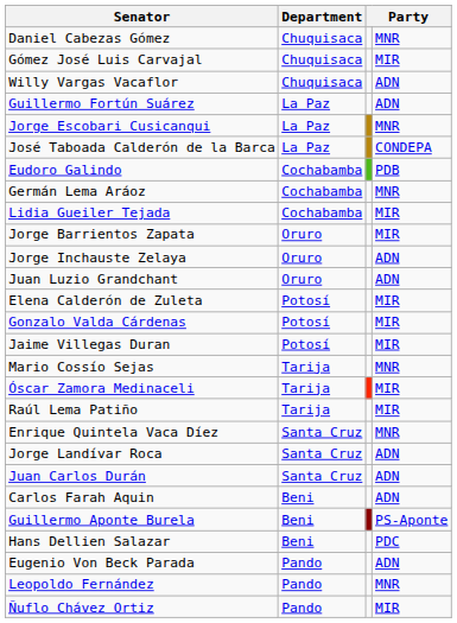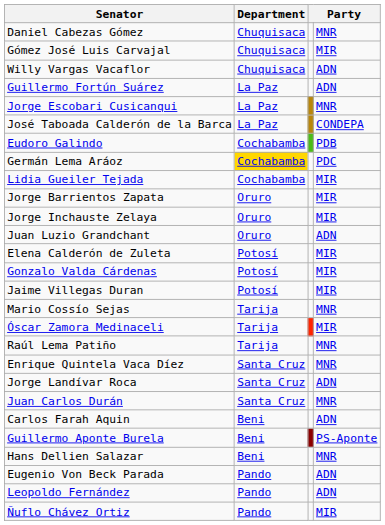 <table class="wikitable sortable">
 <tr>
 <th>Senator</th>
 <th>Department</th>
 <th colspan="2">Party</th>
 </tr>
 <tr>
 <td>Daniel Cabezas Gómez</td>
 <td><a href='#'>Chuquisaca</a></td>
 <td style="background:"></td>
 <td><a href='#'>MNR</a></td>
 </tr>
 <tr>
 <td>Gómez José Luis Carvajal</td>
 <td><a href='#'>Chuquisaca</a></td>
 <td style="background:"></td>
 <td><a href='#'>MIR</a></td>
 </tr>
 <tr>
 <td>Willy Vargas Vacaflor</td>
 <td><a href='#'>Chuquisaca</a></td>
 <td style="background:"></td>
 <td><a href='#'>ADN</a></td>
 </tr>
 <tr>
 <td><a href='#'>Guillermo Fortún Suárez</a></td>
 <td><a href='#'>La Paz</a></td>
 <td style="background:"></td>
 <td><a href='#'>ADN</a></td>
 </tr>
 <tr>
 <td><a href='#'>Jorge Escobari Cusicanqui</a></td>
 <td><a href='#'>La Paz</a></td>
 <td style="background:#B8860B"></td>
 <td><a href='#'>MNR</a></td>
 </tr>
 <tr>
 <td>José Taboada Calderón de la Barca</td>
 <td><a href='#'>La Paz</a></td>
 <td style="background:#B8860B"></td>
 <td><a href='#'>CONDEPA</a></td>
 </tr>
 <tr>
 <td><a href='#'>Eudoro Galindo</a></td>
 <td><a href='#'>Cochabamba</a></td>
 <td style="background:#4CBB17"></td>
 <td><a href='#'>PDB</a></td>
 </tr>
 <tr>
 <td>Germán Lema Aráoz</td>
-<td><a href='#'>Cochabamba</a></td>
+<td style="background: gold;"><a href='#'>Cochabamba</a></td>
 <td style="background:"></td>
-<td><a href='#'>MNR</a></td>
+<td><a href='#'>PDC</a></td>
 </tr>
 <tr>
 <td><a href='#'>Lidia Gueiler Tejada</a></td>
 <td><a href='#'>Cochabamba</a></td>
 <td style="background:"></td>
 <td><a href='#'>MIR</a></td>
 </tr>
 <tr>
 <td>Jorge Barrientos Zapata</td>
 <td><a href='#'>Oruro</a></td>
 <td style="background:"></td>
 <td><a href='#'>MIR</a></td>
 </tr>
 <tr>
 <td>Jorge Inchauste Zelaya</td>
 <td><a href='#'>Oruro</a></td>
 <td style="background:"></td>
-<td><a href='#'>ADN</a></td>
+<td><a href='#'>MIR</a></td>
 </tr>
 <tr>
 <td>Juan Luzio Grandchant</td>
 <td><a href='#'>Oruro</a></td>
 <td style="background:"></td>
 <td><a href='#'>ADN</a></td>
 </tr>
 <tr>
 <td>Elena Calderón de Zuleta</td>
 <td><a href='#'>Potosí</a></td>
 <td style="background:"></td>
 <td><a href='#'>MIR</a></td>
 </tr>
 <tr>
 <td><a href='#'>Gonzalo Valda Cárdenas</a></td>
 <td><a href='#'>Potosí</a></td>
 <td style="background:"></td>
 <td><a href='#'>MIR</a></td>
 </tr>
 <tr>
 <td>Jaime Villegas Duran</td>
 <td><a href='#'>Potosí</a></td>
 <td style="background:"></td>
 <td><a href='#'>MIR</a></td>
 </tr>
 <tr>
 <td>Mario Cossío Sejas</td>
 <td><a href='#'>Tarija</a></td>
 <td style="background:"></td>
 <td><a href='#'>MNR</a></td>
 </tr>
 <tr>
 <td><a href='#'>Óscar Zamora Medinaceli</a></td>
 <td><a href='#'>Tarija</a></td>
 <td style="background:#FF2400"></td>
 <td><a href='#'>MIR</a></td>
 </tr>
 <tr>
 <td>Raúl Lema Patiño</td>
 <td><a href='#'>Tarija</a></td>
 <td style="background:"></td>
-<td><a href='#'>MIR</a></td>
+<td><a href='#'>MNR</a></td>
 </tr>
 <tr>
 <td>Enrique Quintela Vaca Díez</td>
 <td><a href='#'>Santa Cruz</a></td>
 <td style="background:"></td>
 <td><a href='#'>MNR</a></td>
 </tr>
 <tr>
 <td>Jorge Landívar Roca</td>
 <td><a href='#'>Santa Cruz</a></td>
 <td style="background:"></td>
 <td><a href='#'>ADN</a></td>
 </tr>
 <tr>
 <td><a href='#'>Juan Carlos Durán</a></td>
 <td><a href='#'>Santa Cruz</a></td>
 <td style="background:"></td>
-<td><a href='#'>ADN</a></td>
+<td><a href='#'>MNR</a></td>
 </tr>
 <tr>
 <td>Carlos Farah Aquin</td>
 <td><a href='#'>Beni</a></td>
 <td style="background:"></td>
 <td><a href='#'>ADN</a></td>
 </tr>
 <tr>
 <td><a href='#'>Guillermo Aponte Burela</a></td>
 <td><a href='#'>Beni</a></td>
 <td style="background:#8B0000"></td>
 <td><a href='#'>PS-Aponte</a></td>
 </tr>
 <tr>
 <td>Hans Dellien Salazar</td>
 <td><a href='#'>Beni</a></td>
 <td style="background:"></td>
-<td><a href='#'>PDC</a></td>
+<td><a href='#'>MNR</a></td>
 </tr>
 <tr>
 <td>Eugenio Von Beck Parada</td>
 <td><a href='#'>Pando</a></td>
 <td style="background:"></td>
 <td><a href='#'>ADN</a></td>
 </tr>
 <tr>
 <td><a href='#'>Leopoldo Fernández</a></td>
 <td><a href='#'>Pando</a></td>
 <td style="background:"></td>
-<td><a href='#'>MNR</a></td>
+<td><a href='#'>ADN</a></td>
 </tr>
 <tr>
 <td><a href='#'>Ñuflo Chávez Ortiz</a></td>
 <td><a href='#'>Pando</a></td>
 <td style="background:"></td>
 <td><a href='#'>MIR</a></td>
 </tr>
 </table>
